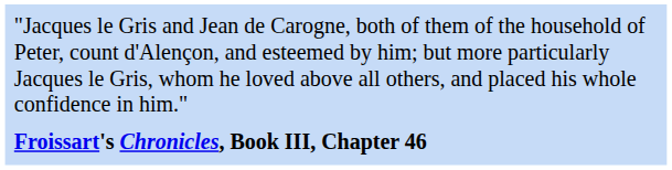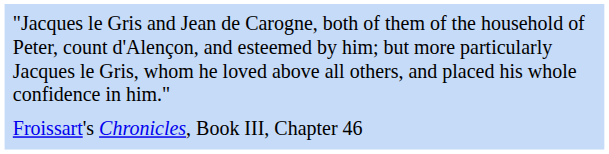 <table class="toccolours" style="float: left; margin-left: 1em; margin-right: 2em; font-size: 85%; background:#c6dbf7; color:black; width:30em; max-width: 40%;" cellspacing="5">
 <tr>
 <td style="text-align: left;">"Jacques le Gris and Jean de Carogne, both of them of the household of Peter, count d'Alençon, and esteemed by him; but more particularly Jacques le Gris, whom he loved above all others, and placed his whole confidence in him."</td>
 </tr>
 <tr>
-<td style="text-align: left;"><strong><a href='#'>Froissart</a>'s <em><a href='#'>Chronicles</a></em>, Book III, Chapter 46</strong></td>
+<td style="text-align: left;"><a href='#'>Froissart</a>'s <em><a href='#'>Chronicles</a></em>, Book III, Chapter 46</td>
 </tr>
 </table>
